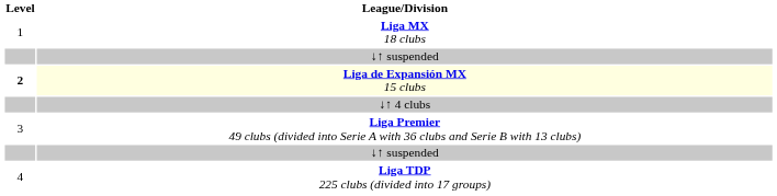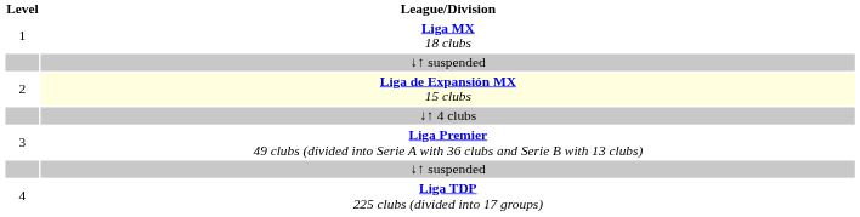 <table clase="wikitable" style="text-align: center;">
 <tr south>
 <th colspan="1" width="4%">Level</th>
 <th colspan="1" width="96%">League/Division</th>
 </tr>
 <tr>
 <td colspan="1" width="4%">1</td>
 <td colspan="1" width="96%"><strong><a href='#'>Liga MX</a></strong><br><em>18 clubs</em></td>
 </tr>
 <tr style="background:#c8c8c8">
 <td style="width:4%;"></td>
 <td colspan="1" style="width:96%;">↓↑ suspended</td>
 </tr>
 <tr>
-<td colspan="1" width="4%"><strong>2</strong></td>
+<td colspan="1" width="4%">2</td>
 <td colspan="1" width="96%" style="background: lightyellow;"><strong><a href='#'>Liga de Expansión MX</a></strong><br><em>15 clubs</em></td>
 </tr>
 <tr style="background:#c8c8c8">
 <td style="width:4%;"></td>
 <td colspan="1" style="width:96%;">↓↑ 4 clubs</td>
 </tr>
 <tr>
 <td colspan="1" width="4%">3</td>
 <td colspan="1" width="96%"><strong><a href='#'>Liga Premier</a></strong><br><em>49 clubs (divided into Serie A with 36 clubs and Serie B with 13 clubs)</em></td>
 </tr>
 <tr style="background:#c8c8c8">
 <td style="width:4%;"></td>
 <td colspan="1" style="width:96%;">↓↑ suspended</td>
 </tr>
 <tr>
 <td colspan="1" width="4%">4</td>
 <td colspan="1" width="96%"><strong><a href='#'>Liga TDP</a></strong><br><em>225 clubs (divided into 17 groups)</em></td>
 </tr>
 <tr>
 </tr>
 </table>
